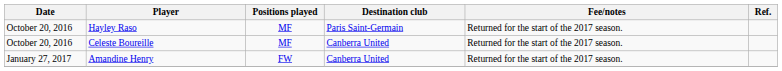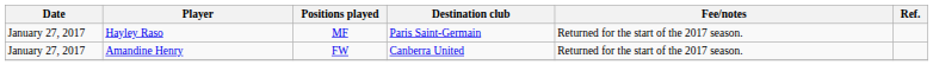 <table class="wikitable" style="text-align:left; font-size:95%;">
 <tr>
 <th style="width:125px;">Date</th>
 <th style="width:250px;">Player</th>
 <th style="width:120px;">Positions played</th>
 <th style="width:220px;">Destination club</th>
 <th style="width:450px;">Fee/notes</th>
 <th style="width:40px;">Ref.</th>
 </tr>
 <tr>
-<td>October 20, 2016</td>
+<td>January 27, 2017</td>
 <td> <a href='#'>Hayley Raso</a></td>
 <td style="text-align:center;"><a href='#'>MF</a></td>
 <td> <a href='#'>Paris Saint-Germain</a></td>
-<td>Returned for the start of the 2017 season.</td>
-<td></td>
-</tr>
-<tr>
-<td>October 20, 2016</td>
-<td> <a href='#'>Celeste Boureille</a></td>
-<td style="text-align:center;"><a href='#'>MF</a></td>
-<td> <a href='#'>Canberra United</a></td>
 <td>Returned for the start of the 2017 season.</td>
 <td></td>
 </tr>
 <tr>
 <td>January 27, 2017</td>
 <td> <a href='#'>Amandine Henry</a></td>
 <td style="text-align:center;"><a href='#'>FW</a></td>
 <td> <a href='#'>Canberra United</a></td>
 <td>Returned for the start of the 2017 season.</td>
 <td></td>
 </tr>
 <tr>
 </tr>
 </table>
